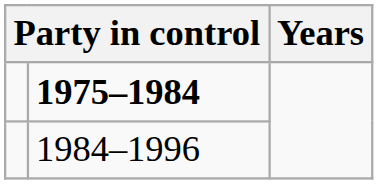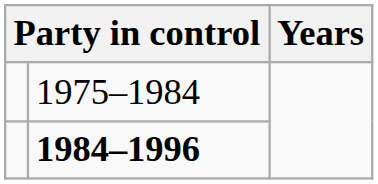 <table class="wikitable">
 <tr>
 <th colspan="2">Party in control</th>
 <th>Years</th>
 </tr>
 <tr>
 <td></td>
-<td><strong>1975–1984</strong></td>
+<td>1975–1984</td>
 </tr>
 <tr>
 <td></td>
-<td>1984–1996</td>
+<td><strong>1984–1996</strong></td>
 </tr>
 </table>
